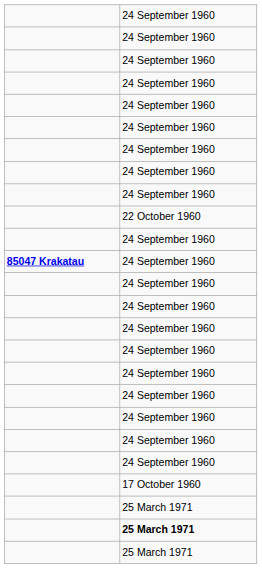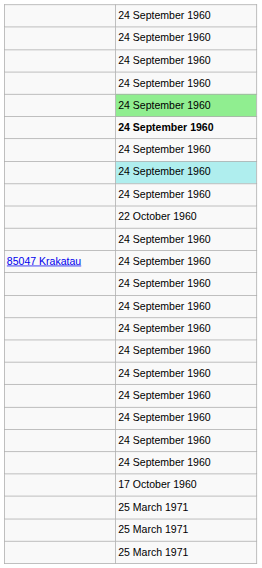 <table class="wikitable" style="font-size: 89%; float: left; width: 24em; margin-right: 1em; line-height: 1.65em">
 <tr>
 <td></td>
 <td>24 September 1960</td>
 </tr>
 <tr>
 <td></td>
 <td>24 September 1960</td>
 </tr>
 <tr>
 <td></td>
 <td>24 September 1960</td>
 </tr>
 <tr>
 <td></td>
 <td>24 September 1960</td>
 </tr>
 <tr>
 <td></td>
-<td>24 September 1960</td>
+<td style="background: lightgreen;">24 September 1960</td>
+</tr>
+<tr>
+<td></td>
+<td><strong>24 September 1960</strong></td>
 </tr>
 <tr>
 <td></td>
 <td>24 September 1960</td>
 </tr>
 <tr>
 <td></td>
-<td>24 September 1960</td>
-</tr>
-<tr>
-<td></td>
-<td>24 September 1960</td>
+<td style="background: paleturquoise;">24 September 1960</td>
 </tr>
 <tr>
 <td></td>
 <td>24 September 1960</td>
 </tr>
 <tr>
 <td></td>
 <td>22 October 1960</td>
 </tr>
 <tr>
 <td></td>
 <td>24 September 1960</td>
 </tr>
 <tr>
-<td><strong><a href='#'>85047 Krakatau</a></strong></td>
+<td><a href='#'>85047 Krakatau</a></td>
 <td>24 September 1960</td>
 </tr>
 <tr>
 <td></td>
 <td>24 September 1960</td>
 </tr>
 <tr>
 <td></td>
 <td>24 September 1960</td>
 </tr>
 <tr>
 <td></td>
 <td>24 September 1960</td>
 </tr>
 <tr>
 <td></td>
 <td>24 September 1960</td>
 </tr>
 <tr>
 <td></td>
 <td>24 September 1960</td>
 </tr>
 <tr>
 <td></td>
 <td>24 September 1960</td>
 </tr>
 <tr>
 <td></td>
 <td>24 September 1960</td>
 </tr>
 <tr>
 <td></td>
 <td>24 September 1960</td>
 </tr>
 <tr>
 <td></td>
 <td>24 September 1960</td>
 </tr>
 <tr>
 <td></td>
 <td>17 October 1960</td>
 </tr>
 <tr>
 <td></td>
 <td>25 March 1971</td>
 </tr>
 <tr>
 <td></td>
-<td><strong>25 March 1971</strong></td>
+<td>25 March 1971</td>
 </tr>
 <tr>
 <td></td>
 <td>25 March 1971</td>
 </tr>
 </table>
